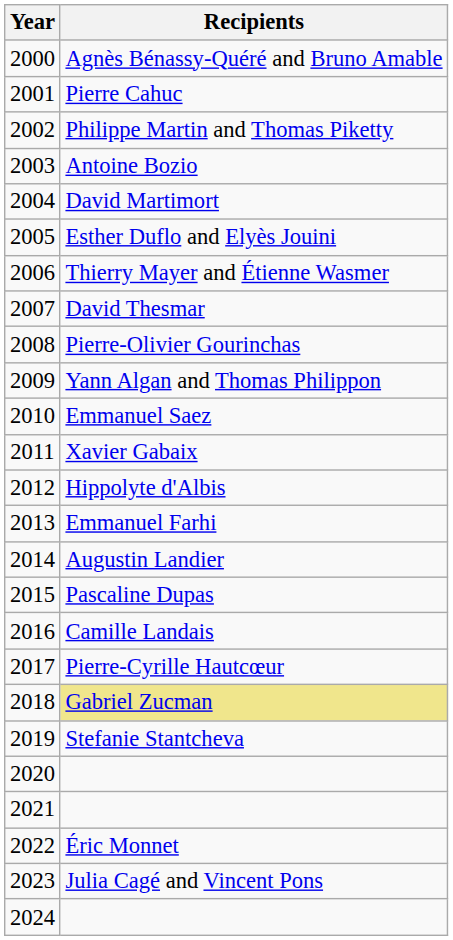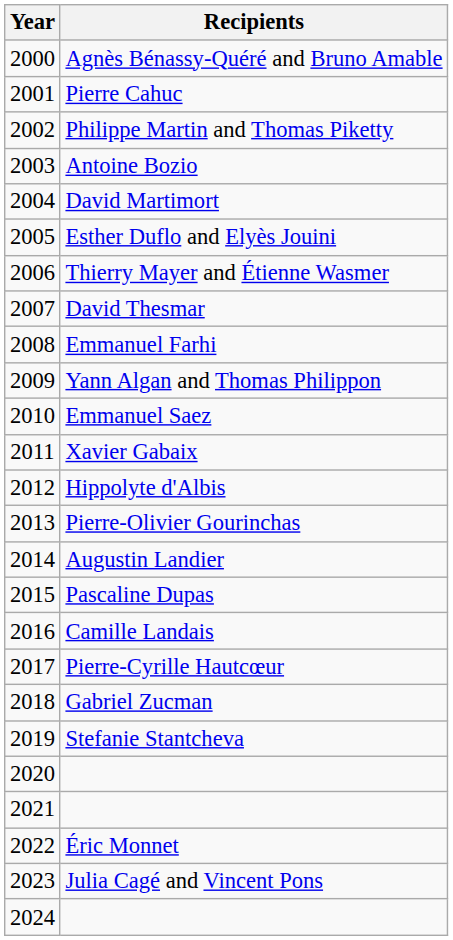 <table class="wikitable sortable">
 <tr>
 <th>Year</th>
 <th>Recipients</th>
 </tr>
 <tr>
 <td align="center">2000</td>
 <td><a href='#'>Agnès Bénassy-Quéré</a> and <a href='#'>Bruno Amable</a></td>
 </tr>
 <tr>
 <td align="center">2001</td>
 <td><a href='#'>Pierre Cahuc</a></td>
 </tr>
 <tr>
 <td align="center">2002</td>
 <td><a href='#'>Philippe Martin</a> and <a href='#'>Thomas Piketty</a></td>
 </tr>
 <tr>
 <td align="center">2003</td>
 <td><a href='#'>Antoine Bozio</a></td>
 </tr>
 <tr>
 <td align="center">2004</td>
 <td><a href='#'>David Martimort</a></td>
 </tr>
 <tr>
 <td align="center">2005</td>
 <td><a href='#'>Esther Duflo</a> and <a href='#'>Elyès Jouini</a></td>
 </tr>
 <tr>
 <td align="center">2006</td>
 <td><a href='#'>Thierry Mayer</a> and <a href='#'>Étienne Wasmer</a></td>
 </tr>
 <tr>
 <td align="center">2007</td>
 <td><a href='#'>David Thesmar</a></td>
 </tr>
 <tr>
 <td align="center">2008</td>
-<td><a href='#'>Pierre-Olivier Gourinchas</a></td>
+<td><a href='#'>Emmanuel Farhi</a></td>
 </tr>
 <tr>
 <td align="center">2009</td>
 <td><a href='#'>Yann Algan</a> and <a href='#'>Thomas Philippon</a></td>
 </tr>
 <tr>
 <td align="center">2010</td>
 <td><a href='#'>Emmanuel Saez</a></td>
 </tr>
 <tr>
 <td align="center">2011</td>
 <td><a href='#'>Xavier Gabaix</a></td>
 </tr>
 <tr>
 <td align="center">2012</td>
 <td><a href='#'>Hippolyte d'Albis</a></td>
 </tr>
 <tr>
 <td align="center">2013</td>
-<td><a href='#'>Emmanuel Farhi</a></td>
+<td><a href='#'>Pierre-Olivier Gourinchas</a></td>
 </tr>
 <tr>
 <td align="center">2014</td>
 <td><a href='#'>Augustin Landier</a></td>
 </tr>
 <tr>
 <td align="center">2015</td>
 <td><a href='#'>Pascaline Dupas</a></td>
 </tr>
 <tr>
 <td align="center">2016</td>
 <td><a href='#'>Camille Landais</a></td>
 </tr>
 <tr>
 <td align="center">2017</td>
 <td><a href='#'>Pierre-Cyrille Hautcœur</a></td>
 </tr>
 <tr>
 <td align="center">2018</td>
-<td style="background: khaki;"><a href='#'>Gabriel Zucman</a></td>
+<td><a href='#'>Gabriel Zucman</a></td>
 </tr>
 <tr>
 <td align="center">2019</td>
 <td><a href='#'>Stefanie Stantcheva</a></td>
 </tr>
 <tr>
 <td align="center">2020</td>
 <td></td>
 </tr>
 <tr>
 <td align="center">2021</td>
 <td></td>
 </tr>
 <tr>
 <td align="center">2022</td>
 <td><a href='#'>Éric Monnet</a></td>
 </tr>
 <tr>
 <td align="center">2023</td>
 <td><a href='#'>Julia Cagé</a> and <a href='#'>Vincent Pons</a></td>
 </tr>
 <tr>
 <td align="center">2024</td>
 <td></td>
 </tr>
 </table>
